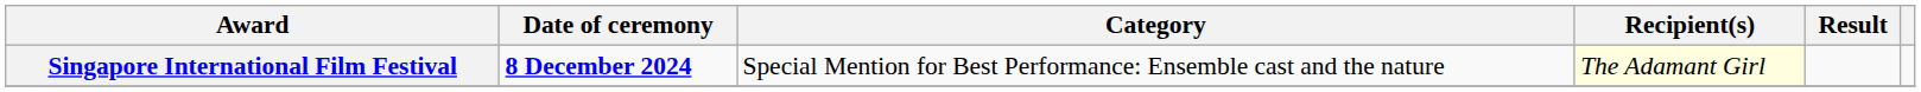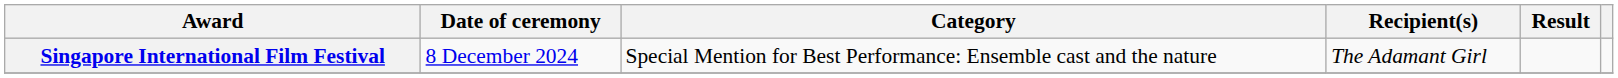 <table class="wikitable sortable plainrowheaders" style="width: 95%;">
 <tr>
 <th scope="col">Award</th>
 <th scope="col">Date of ceremony</th>
 <th scope="col">Category</th>
 <th scope="col">Recipient(s)</th>
 <th scope="col">Result</th>
 <th scope="col" class="unsortable"></th>
 </tr>
 <tr>
 <th scope="row"><a href='#'>Singapore International Film Festival</a></th>
-<td><strong><a href='#'>8 December 2024</a></strong></td>
+<td><a href='#'>8 December 2024</a></td>
 <td>Special Mention for Best Performance: Ensemble cast and the nature</td>
-<td style="background: lightyellow;"><em>The Adamant Girl</em></td>
+<td><em>The Adamant Girl</em></td>
 <td></td>
 <td align="center"></td>
 </tr>
 <tr>
 </tr>
 </table>
